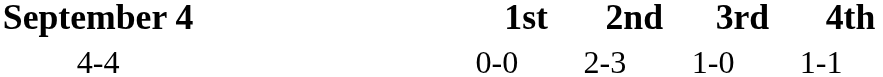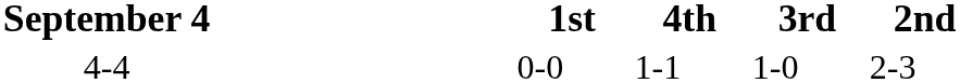 <table width=60% cellspacing=1>
 <tr>
 <th width=20%></th>
 <th width=16%>September 4</th>
 <th width=20%></th>
 <th width=8%>1st</th>
+<th width=8%>4th</th>
+<th width=8%>3rd</th>
 <th width=8%>2nd</th>
-<th width=8%>3rd</th>
-<th width=8%>4th</th>
 </tr>
 <tr style=font-size:90%>
 <td align=right></td>
 <td align=center>4-4</td>
 <td></td>
 <td>0-0</td>
+<td>1-1</td>
+<td>1-0</td>
 <td>2-3</td>
-<td>1-0</td>
-<td>1-1</td>
 </tr>
 </table>
